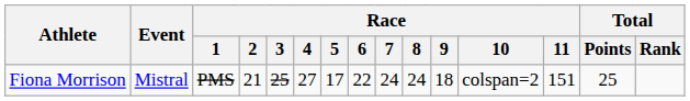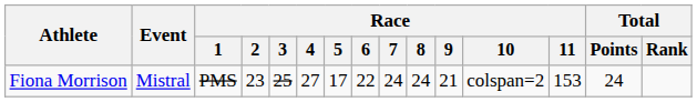 <table class=wikitable style=font-size:90%;text-align:center>
 <tr>
 <th rowspan=2>Athlete</th>
 <th rowspan=2>Event</th>
 <th colspan=11>Race</th>
 <th colspan=2>Total</th>
 </tr>
 <tr style=font-size:95%>
 <th>1</th>
 <th>2</th>
 <th>3</th>
 <th>4</th>
 <th>5</th>
 <th>6</th>
 <th>7</th>
 <th>8</th>
 <th>9</th>
 <th>10</th>
 <th>11</th>
 <th>Points</th>
 <th>Rank</th>
 </tr>
 <tr>
 <td align=left><a href='#'>Fiona Morrison</a></td>
 <td align=left><a href='#'>Mistral</a></td>
 <td><s>PMS</s></td>
-<td>21</td>
+<td>23</td>
 <td><s>25</s></td>
 <td>27</td>
 <td>17</td>
 <td>22</td>
 <td>24</td>
 <td>24</td>
-<td>18</td>
+<td>21</td>
 <td>colspan=2 </td>
-<td>151</td>
-<td>25</td>
+<td>153</td>
+<td>24</td>
 </tr>
 </table>
